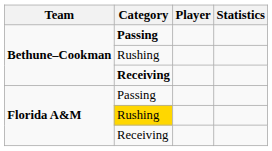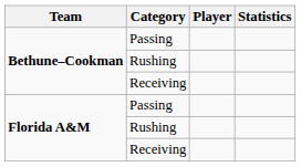 <table class="wikitable" style="float: left;">
 <tr>
 <th>Team</th>
 <th>Category</th>
 <th>Player</th>
 <th>Statistics</th>
 </tr>
 <tr>
 <td rowspan=3><strong>Bethune–Cookman</strong></td>
-<td><strong>Passing</strong></td>
+<td>Passing</td>
 <td> </td>
 <td> </td>
 </tr>
 <tr>
 <td>Rushing</td>
 <td> </td>
 <td> </td>
 </tr>
 <tr>
-<td><strong>Receiving</strong></td>
+<td>Receiving</td>
 <td> </td>
 <td> </td>
 </tr>
 <tr>
 <td rowspan=3><strong>Florida A&M</strong></td>
 <td>Passing</td>
 <td> </td>
 <td> </td>
 </tr>
 <tr>
-<td style="background: gold;">Rushing</td>
+<td>Rushing</td>
 <td> </td>
 <td> </td>
 </tr>
 <tr>
 <td>Receiving</td>
 <td> </td>
 <td> </td>
 </tr>
 </table>
